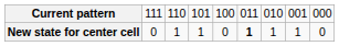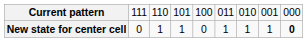 <table class="wikitable" style="text-align: center">
 <tr>
 <th>Current pattern</th>
 <td>111</td>
 <td>110</td>
 <td>101</td>
 <td>100</td>
 <td>011</td>
 <td>010</td>
 <td>001</td>
 <td>000</td>
 </tr>
 <tr>
 <th>New state for center cell</th>
 <td>0</td>
 <td>1</td>
 <td>1</td>
 <td>0</td>
-<td><strong>1</strong></td>
 <td>1</td>
 <td>1</td>
-<td>0</td>
+<td>1</td>
+<td><strong>0</strong></td>
 </tr>
 </table>
